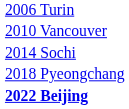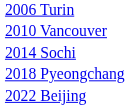 <table>
 <tr style="vertical-align:top">
 <td><a href='#'>2006 Turin</a><br></td>
 <td></td>
 <td></td>
 <td></td>
 </tr>
 <tr>
 <td><a href='#'>2010 Vancouver</a><br></td>
 <td></td>
 <td></td>
 <td></td>
 </tr>
 <tr>
 <td><a href='#'>2014 Sochi</a><br></td>
 <td></td>
 <td></td>
 <td></td>
 </tr>
 <tr>
 <td><a href='#'>2018 Pyeongchang</a><br></td>
 <td></td>
 <td></td>
 <td></td>
 </tr>
 <tr>
-<td><strong><a href='#'>2022 Beijing</a> <br></strong></td>
+<td><a href='#'>2022 Beijing</a> <br></td>
 <td></td>
 <td></td>
 <td></td>
 </tr>
 <tr>
 </tr>
 </table>
